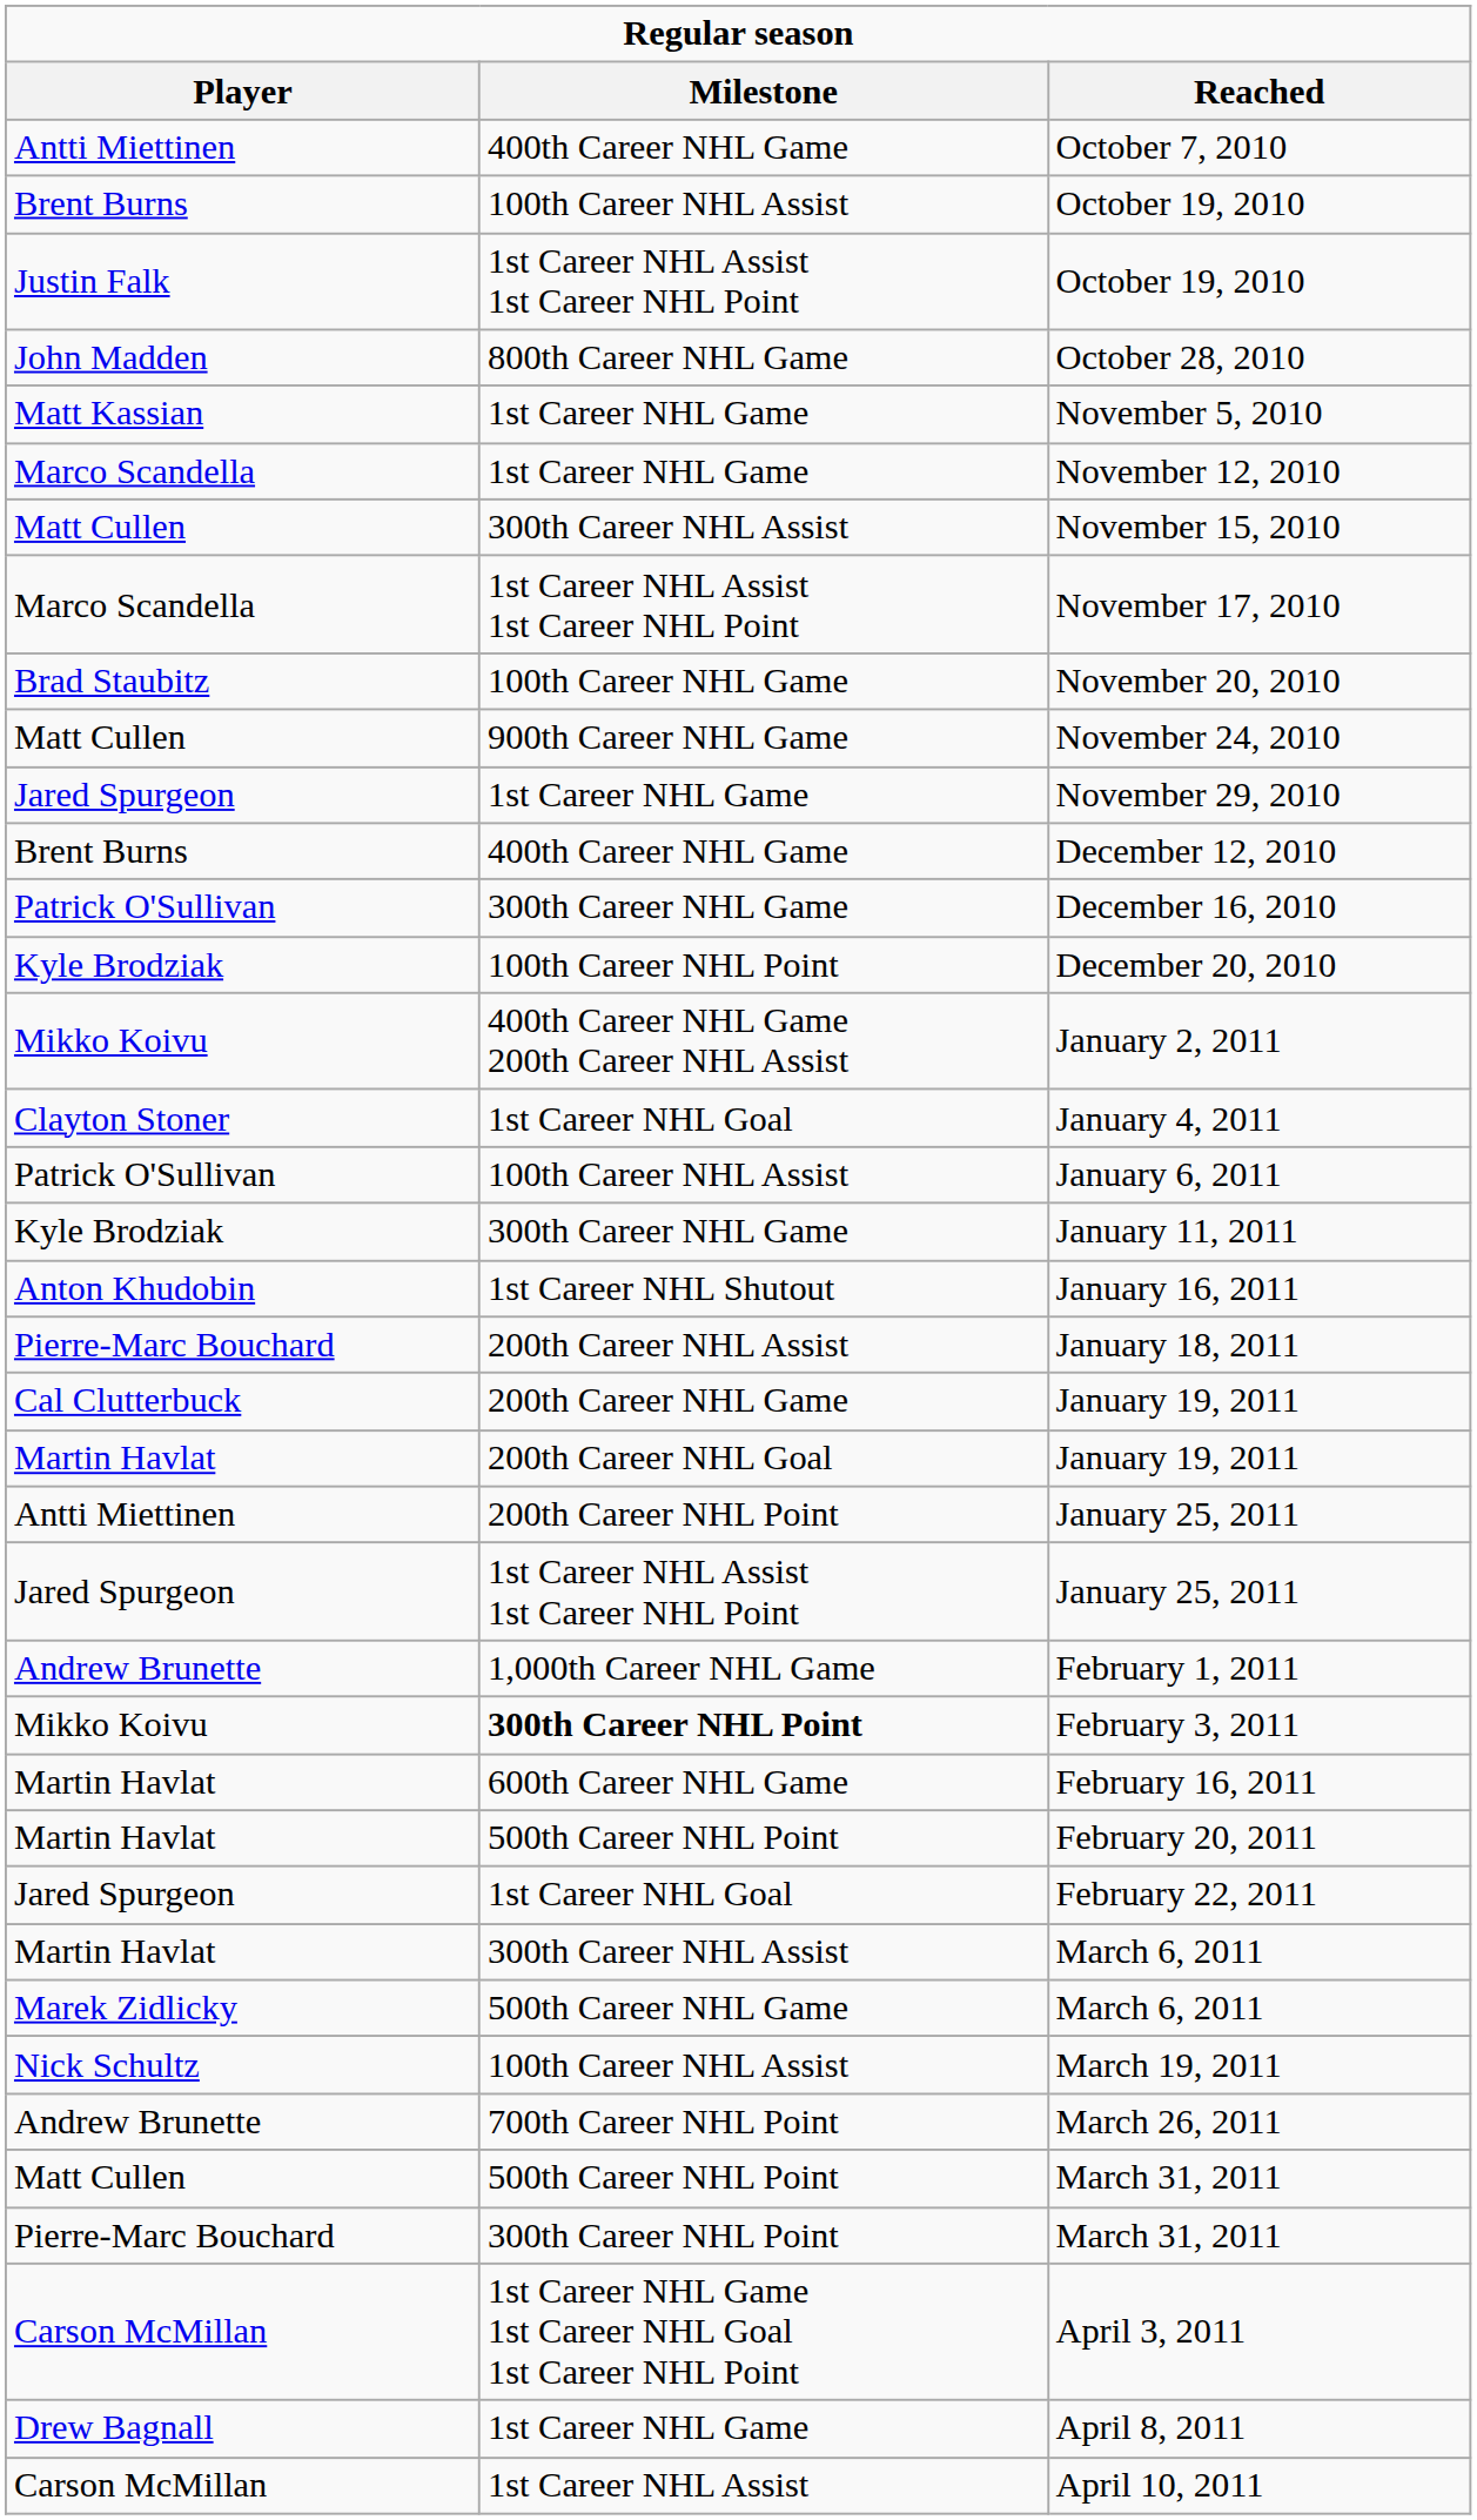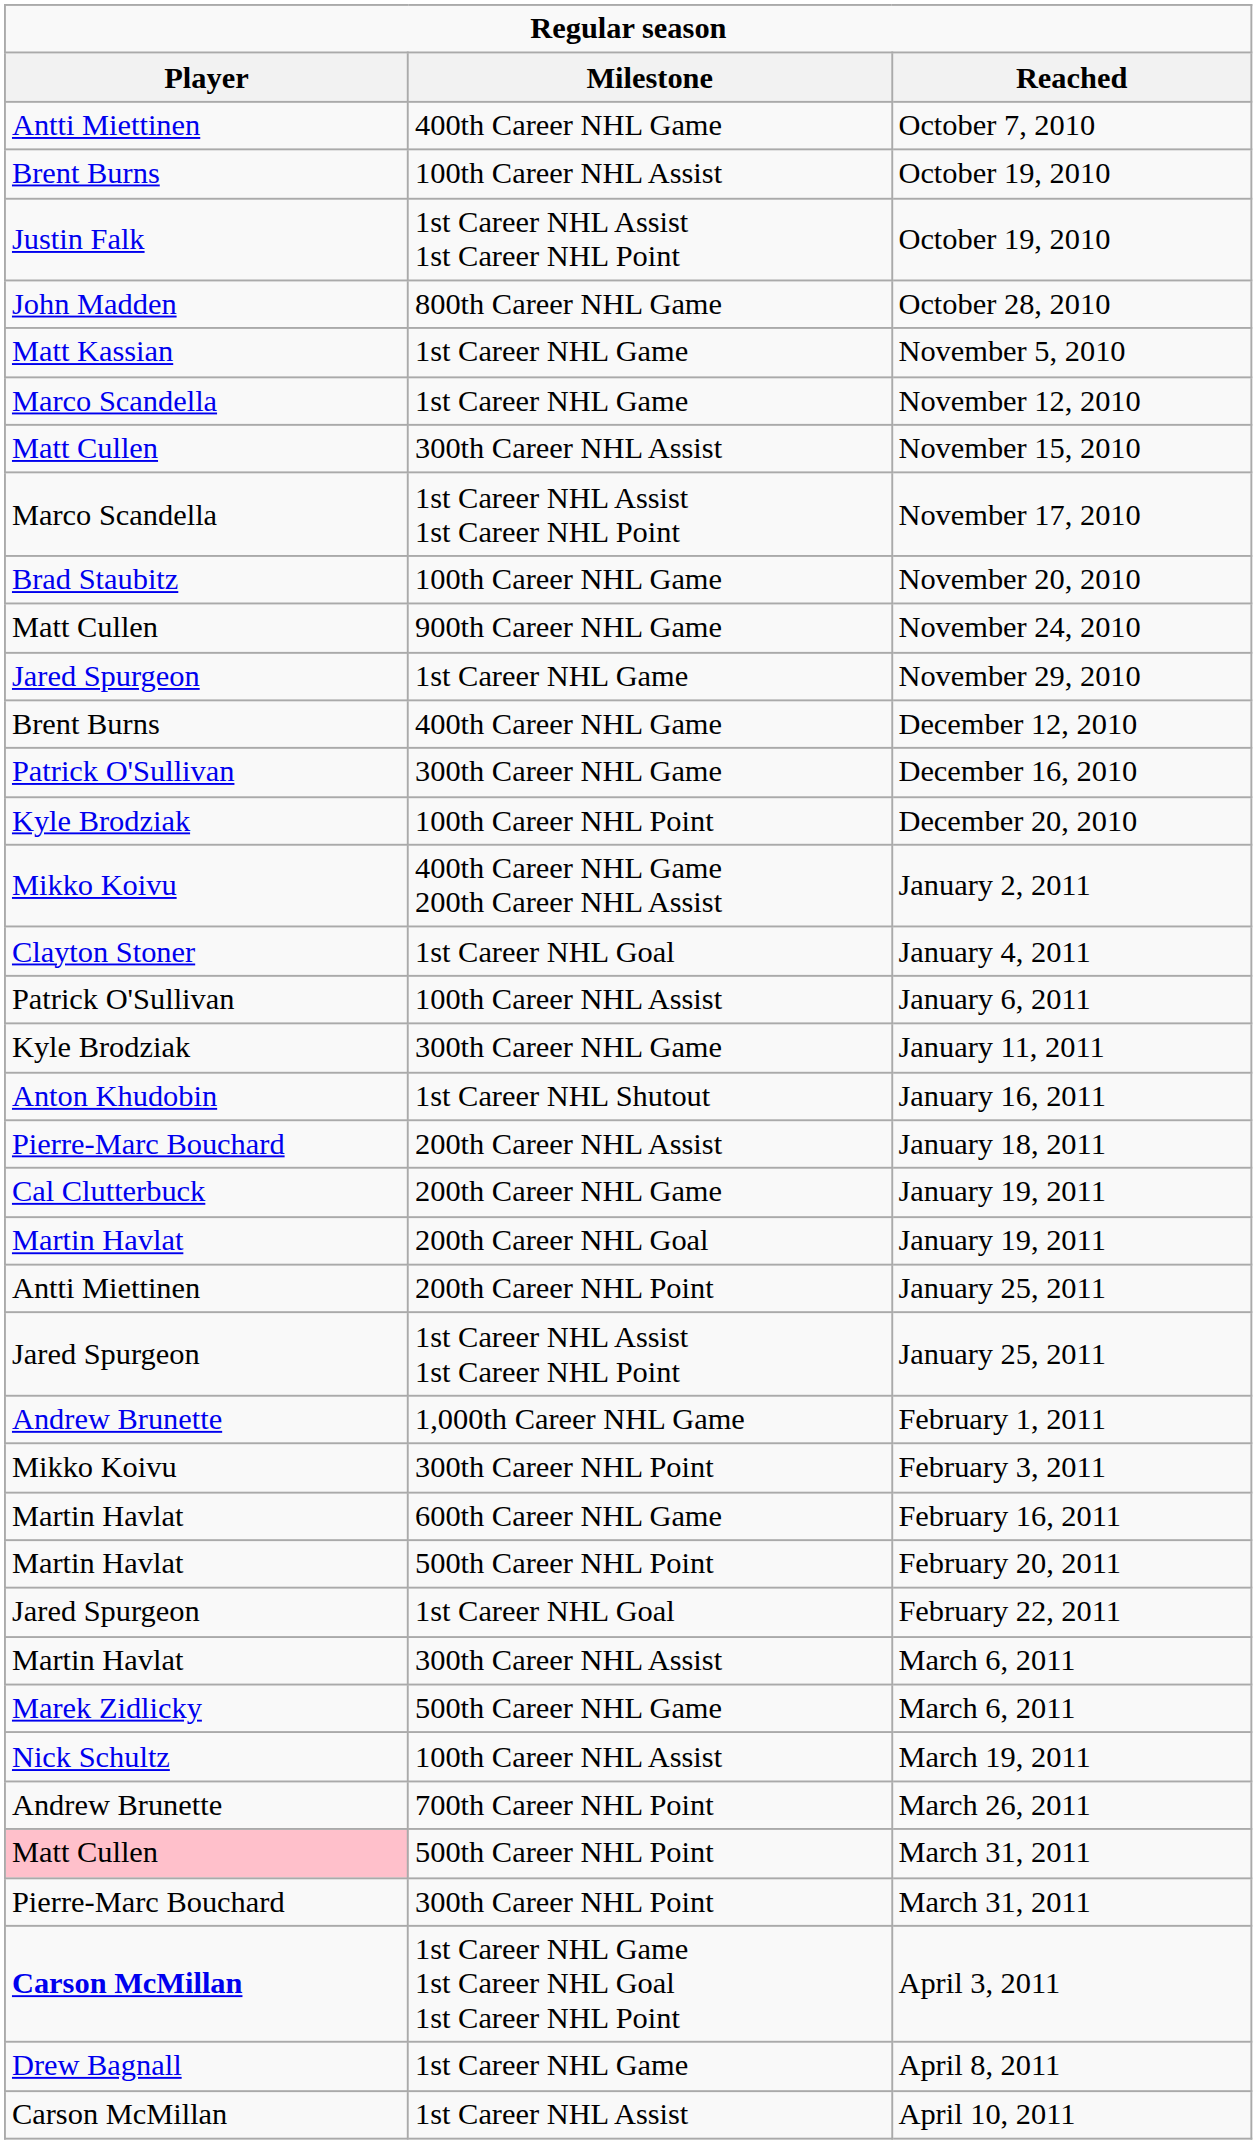 <table class="wikitable" style="width:52%;">
 <tr>
 <td colspan="10" style="text-align:center;"><strong>Regular season</strong></td>
 </tr>
 <tr>
 <th>Player</th>
 <th>Milestone</th>
 <th>Reached</th>
 </tr>
 <tr>
 <td><a href='#'>Antti Miettinen</a></td>
 <td>400th Career NHL Game</td>
 <td>October 7, 2010</td>
 </tr>
 <tr>
 <td><a href='#'>Brent Burns</a></td>
 <td>100th Career NHL Assist</td>
 <td>October 19, 2010</td>
 </tr>
 <tr>
 <td><a href='#'>Justin Falk</a></td>
 <td>1st Career NHL Assist<br>1st Career NHL Point</td>
 <td>October 19, 2010</td>
 </tr>
 <tr>
 <td><a href='#'>John Madden</a></td>
 <td>800th Career NHL Game</td>
 <td>October 28, 2010</td>
 </tr>
 <tr>
 <td><a href='#'>Matt Kassian</a></td>
 <td>1st Career NHL Game</td>
 <td>November 5, 2010</td>
 </tr>
 <tr>
 <td><a href='#'>Marco Scandella</a></td>
 <td>1st Career NHL Game</td>
 <td>November 12, 2010</td>
 </tr>
 <tr>
 <td><a href='#'>Matt Cullen</a></td>
 <td>300th Career NHL Assist</td>
 <td>November 15, 2010</td>
 </tr>
 <tr>
 <td>Marco Scandella</td>
 <td>1st Career NHL Assist<br>1st Career NHL Point</td>
 <td>November 17, 2010</td>
 </tr>
 <tr>
 <td><a href='#'>Brad Staubitz</a></td>
 <td>100th Career NHL Game</td>
 <td>November 20, 2010</td>
 </tr>
 <tr>
 <td>Matt Cullen</td>
 <td>900th Career NHL Game</td>
 <td>November 24, 2010</td>
 </tr>
 <tr>
 <td><a href='#'>Jared Spurgeon</a></td>
 <td>1st Career NHL Game</td>
 <td>November 29, 2010</td>
 </tr>
 <tr>
 <td>Brent Burns</td>
 <td>400th Career NHL Game</td>
 <td>December 12, 2010</td>
 </tr>
 <tr>
 <td><a href='#'>Patrick O'Sullivan</a></td>
 <td>300th Career NHL Game</td>
 <td>December 16, 2010</td>
 </tr>
 <tr>
 <td><a href='#'>Kyle Brodziak</a></td>
 <td>100th Career NHL Point</td>
 <td>December 20, 2010</td>
 </tr>
 <tr>
 <td><a href='#'>Mikko Koivu</a></td>
 <td>400th Career NHL Game<br>200th Career NHL Assist</td>
 <td>January 2, 2011</td>
 </tr>
 <tr>
 <td><a href='#'>Clayton Stoner</a></td>
 <td>1st Career NHL Goal</td>
 <td>January 4, 2011</td>
 </tr>
 <tr>
 <td>Patrick O'Sullivan</td>
 <td>100th Career NHL Assist</td>
 <td>January 6, 2011</td>
 </tr>
 <tr>
 <td>Kyle Brodziak</td>
 <td>300th Career NHL Game</td>
 <td>January 11, 2011</td>
 </tr>
 <tr>
 <td><a href='#'>Anton Khudobin</a></td>
 <td>1st Career NHL Shutout</td>
 <td>January 16, 2011</td>
 </tr>
 <tr>
 <td><a href='#'>Pierre-Marc Bouchard</a></td>
 <td>200th Career NHL Assist</td>
 <td>January 18, 2011</td>
 </tr>
 <tr>
 <td><a href='#'>Cal Clutterbuck</a></td>
 <td>200th Career NHL Game</td>
 <td>January 19, 2011</td>
 </tr>
 <tr>
 <td><a href='#'>Martin Havlat</a></td>
 <td>200th Career NHL Goal</td>
 <td>January 19, 2011</td>
 </tr>
 <tr>
 <td>Antti Miettinen</td>
 <td>200th Career NHL Point</td>
 <td>January 25, 2011</td>
 </tr>
 <tr>
 <td>Jared Spurgeon</td>
 <td>1st Career NHL Assist<br>1st Career NHL Point</td>
 <td>January 25, 2011</td>
 </tr>
 <tr>
 <td><a href='#'>Andrew Brunette</a></td>
 <td>1,000th Career NHL Game</td>
 <td>February 1, 2011</td>
 </tr>
 <tr>
 <td>Mikko Koivu</td>
-<td><strong>300th Career NHL Point</strong></td>
+<td>300th Career NHL Point</td>
 <td>February 3, 2011</td>
 </tr>
 <tr>
 <td>Martin Havlat</td>
 <td>600th Career NHL Game</td>
 <td>February 16, 2011</td>
 </tr>
 <tr>
 <td>Martin Havlat</td>
 <td>500th Career NHL Point</td>
 <td>February 20, 2011</td>
 </tr>
 <tr>
 <td>Jared Spurgeon</td>
 <td>1st Career NHL Goal</td>
 <td>February 22, 2011</td>
 </tr>
 <tr>
 <td>Martin Havlat</td>
 <td>300th Career NHL Assist</td>
 <td>March 6, 2011</td>
 </tr>
 <tr>
 <td><a href='#'>Marek Zidlicky</a></td>
 <td>500th Career NHL Game</td>
 <td>March 6, 2011</td>
 </tr>
 <tr>
 <td><a href='#'>Nick Schultz</a></td>
 <td>100th Career NHL Assist</td>
 <td>March 19, 2011</td>
 </tr>
 <tr>
 <td>Andrew Brunette</td>
 <td>700th Career NHL Point</td>
 <td>March 26, 2011</td>
 </tr>
 <tr>
-<td>Matt Cullen</td>
+<td style="background: pink;">Matt Cullen</td>
 <td>500th Career NHL Point</td>
 <td>March 31, 2011</td>
 </tr>
 <tr>
 <td>Pierre-Marc Bouchard</td>
 <td>300th Career NHL Point</td>
 <td>March 31, 2011</td>
 </tr>
 <tr>
-<td><a href='#'>Carson McMillan</a></td>
+<td><strong><a href='#'>Carson McMillan</a></strong></td>
 <td>1st Career NHL Game<br>1st Career NHL Goal<br>1st Career NHL Point</td>
 <td>April 3, 2011</td>
 </tr>
 <tr>
 <td><a href='#'>Drew Bagnall</a></td>
 <td>1st Career NHL Game</td>
 <td>April 8, 2011</td>
 </tr>
 <tr>
 <td>Carson McMillan</td>
 <td>1st Career NHL Assist</td>
 <td>April 10, 2011</td>
 </tr>
 </table>
